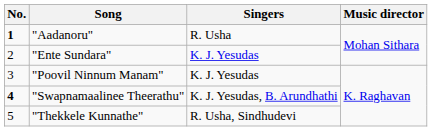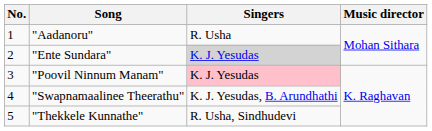 <table class="wikitable">
 <tr>
 <th>No.</th>
 <th>Song</th>
 <th>Singers</th>
 <th>Music director</th>
 </tr>
 <tr>
-<td><strong>1</strong></td>
+<td>1</td>
 <td>"Aadanoru"</td>
 <td>R. Usha</td>
 <td rowspan="2"><a href='#'>Mohan Sithara</a></td>
 </tr>
 <tr>
 <td>2</td>
 <td>"Ente Sundara"</td>
-<td><a href='#'>K. J. Yesudas</a></td>
+<td style="background: lightgrey;"><a href='#'>K. J. Yesudas</a></td>
 </tr>
 <tr>
 <td>3</td>
 <td>"Poovil Ninnum Manam"</td>
-<td>K. J. Yesudas</td>
+<td style="background: pink;">K. J. Yesudas</td>
 <td rowspan="3"><a href='#'>K. Raghavan</a></td>
 </tr>
 <tr>
-<td><strong>4</strong></td>
+<td>4</td>
 <td>"Swapnamaalinee Theerathu"</td>
 <td>K. J. Yesudas, <a href='#'>B. Arundhathi</a></td>
 </tr>
 <tr>
 <td>5</td>
 <td>"Thekkele Kunnathe"</td>
 <td>R. Usha, Sindhudevi</td>
 </tr>
 </table>
